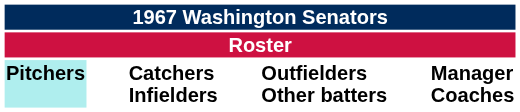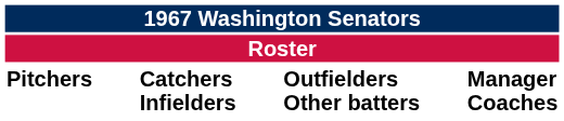 <table class="toccolours" style="font-size: 95%;">
 <tr>
 <th colspan="10" style="background-color: #002B5C; color: #FFFFFF; text-align: center;">1967 Washington Senators</th>
 </tr>
 <tr>
 <td colspan="10" style="background-color: #CE1141; color: #FFFFFF; text-align: center;"><strong>Roster</strong></td>
 </tr>
 <tr>
-<td valign="top" style="background: paleturquoise;"><strong>Pitchers</strong><br>               </td>
+<td valign="top"><strong>Pitchers</strong><br>               </td>
 <td width="25px"></td>
 <td valign="top"><strong>Catchers</strong><br>   <strong>Infielders</strong>          </td>
 <td width="25px"></td>
 <td valign="top"><strong>Outfielders</strong><br>      <strong>Other batters</strong> </td>
 <td width="25px"></td>
 <td valign="top"><strong>Manager</strong><br> <strong>Coaches</strong>    </td>
 </tr>
 <tr>
 </tr>
 </table>
